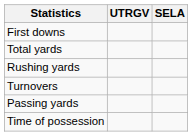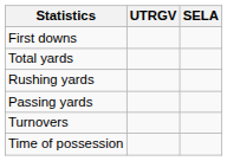 <table class="wikitable" style="float:left">
 <tr>
 <th>Statistics</th>
 <th>UTRGV</th>
 <th>SELA</th>
 </tr>
 <tr>
 <td>First downs</td>
 <td></td>
 <td></td>
 </tr>
 <tr>
 <td>Total yards</td>
 <td></td>
 <td></td>
 </tr>
 <tr>
 <td>Rushing yards</td>
 <td></td>
 <td></td>
 </tr>
 <tr>
-<td>Turnovers</td>
+<td>Passing yards</td>
 <td></td>
 <td></td>
 </tr>
 <tr>
-<td>Passing yards</td>
+<td>Turnovers</td>
 <td></td>
 <td></td>
 </tr>
 <tr>
 <td>Time of possession</td>
 <td></td>
 <td></td>
 </tr>
 </table>
